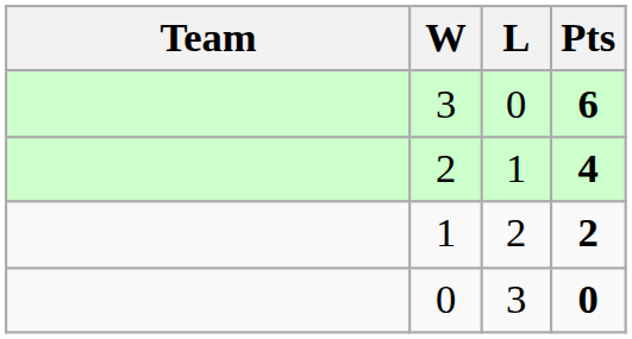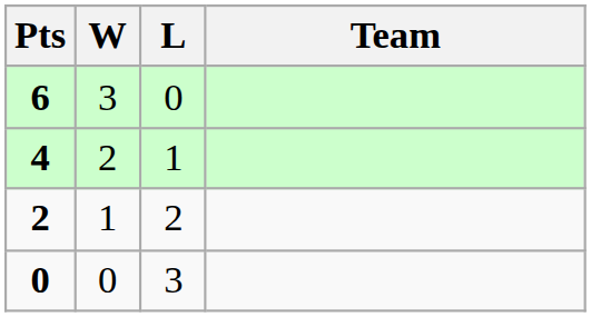 <table class="wikitable" style="text-align:center;">
 <tr>
-<th width=150>Team</th>
+<th width=20>Pts</th>
 <th width=20>W</th>
 <th width=20>L</th>
-<th width=20>Pts</th>
+<th width=150>Team</th>
 </tr>
 <tr bgcolor="#ccffcc">
-<td align="left"></td>
+<td><strong>6</strong></td>
 <td>3</td>
 <td>0</td>
-<td><strong>6</strong></td>
+<td align="left"></td>
 </tr>
 <tr bgcolor="#ccffcc">
-<td align="left"></td>
+<td><strong>4</strong></td>
 <td>2</td>
 <td>1</td>
-<td><strong>4</strong></td>
+<td align="left"></td>
 </tr>
 <tr>
-<td align="left"></td>
+<td><strong>2</strong></td>
 <td>1</td>
 <td>2</td>
-<td><strong>2</strong></td>
+<td align="left"></td>
 </tr>
 <tr>
-<td align="left"></td>
+<td><strong>0</strong></td>
 <td>0</td>
 <td>3</td>
-<td><strong>0</strong></td>
+<td align="left"></td>
 </tr>
 </table>
